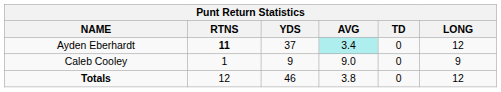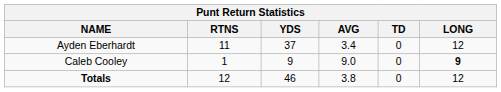 <table style="width:60%; text-align:center;" class="wikitable collapsible collapsed">
 <tr>
 <th colspan="8">Punt Return Statistics</th>
 </tr>
 <tr>
 <th>NAME</th>
 <th>RTNS</th>
 <th>YDS</th>
 <th>AVG</th>
 <th>TD</th>
 <th>LONG</th>
 </tr>
 <tr>
 <td>Ayden Eberhardt</td>
-<td><strong>11</strong></td>
+<td>11</td>
 <td>37</td>
-<td style="background: paleturquoise;">3.4</td>
+<td>3.4</td>
 <td>0</td>
 <td>12</td>
 </tr>
 <tr>
 <td>Caleb Cooley</td>
 <td>1</td>
 <td>9</td>
 <td>9.0</td>
 <td>0</td>
-<td>9</td>
+<td><strong>9</strong></td>
 </tr>
 <tr>
 <td><strong>Totals</strong></td>
 <td>12</td>
 <td>46</td>
 <td>3.8</td>
 <td>0</td>
 <td>12</td>
 </tr>
 </table>
